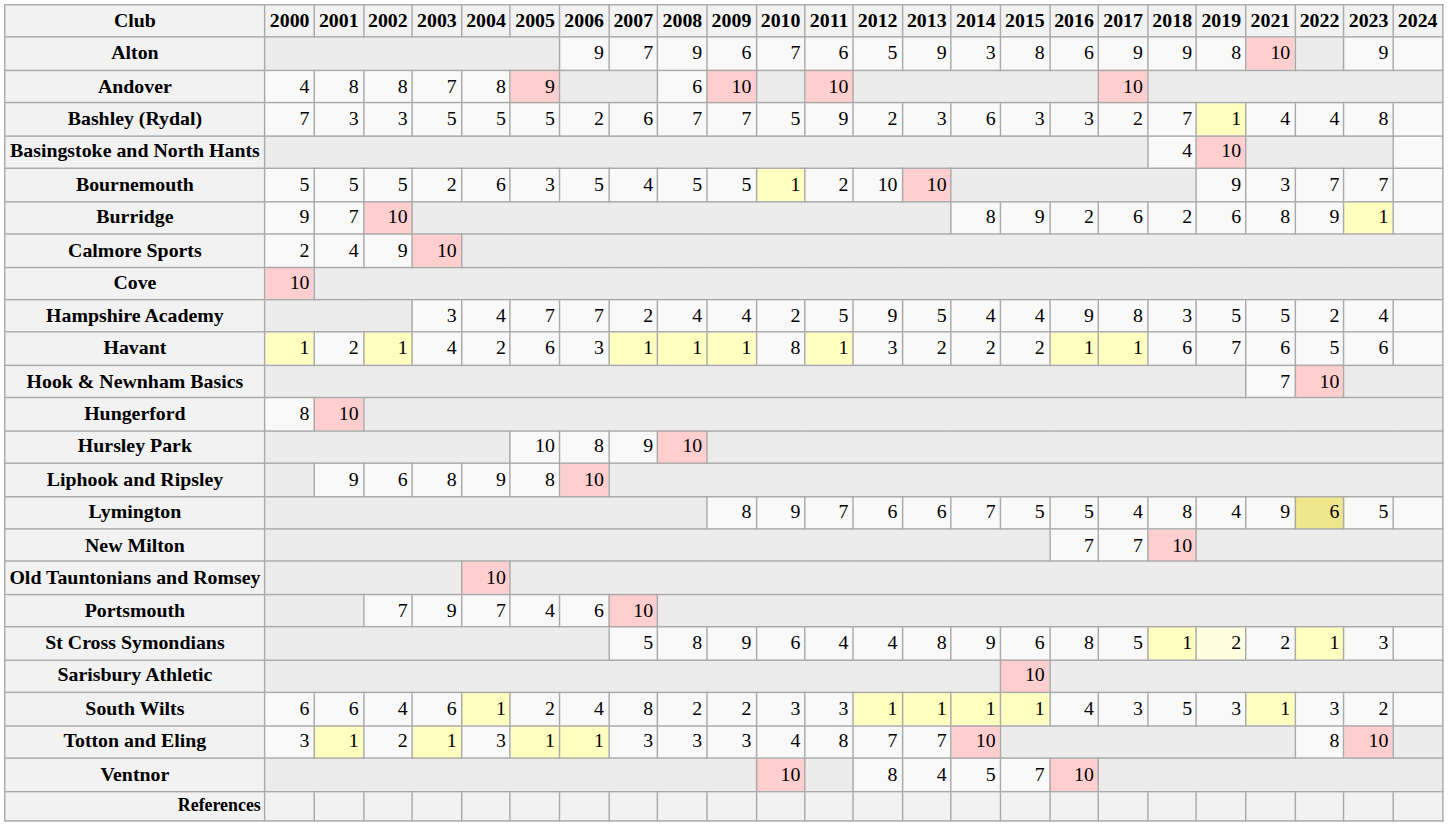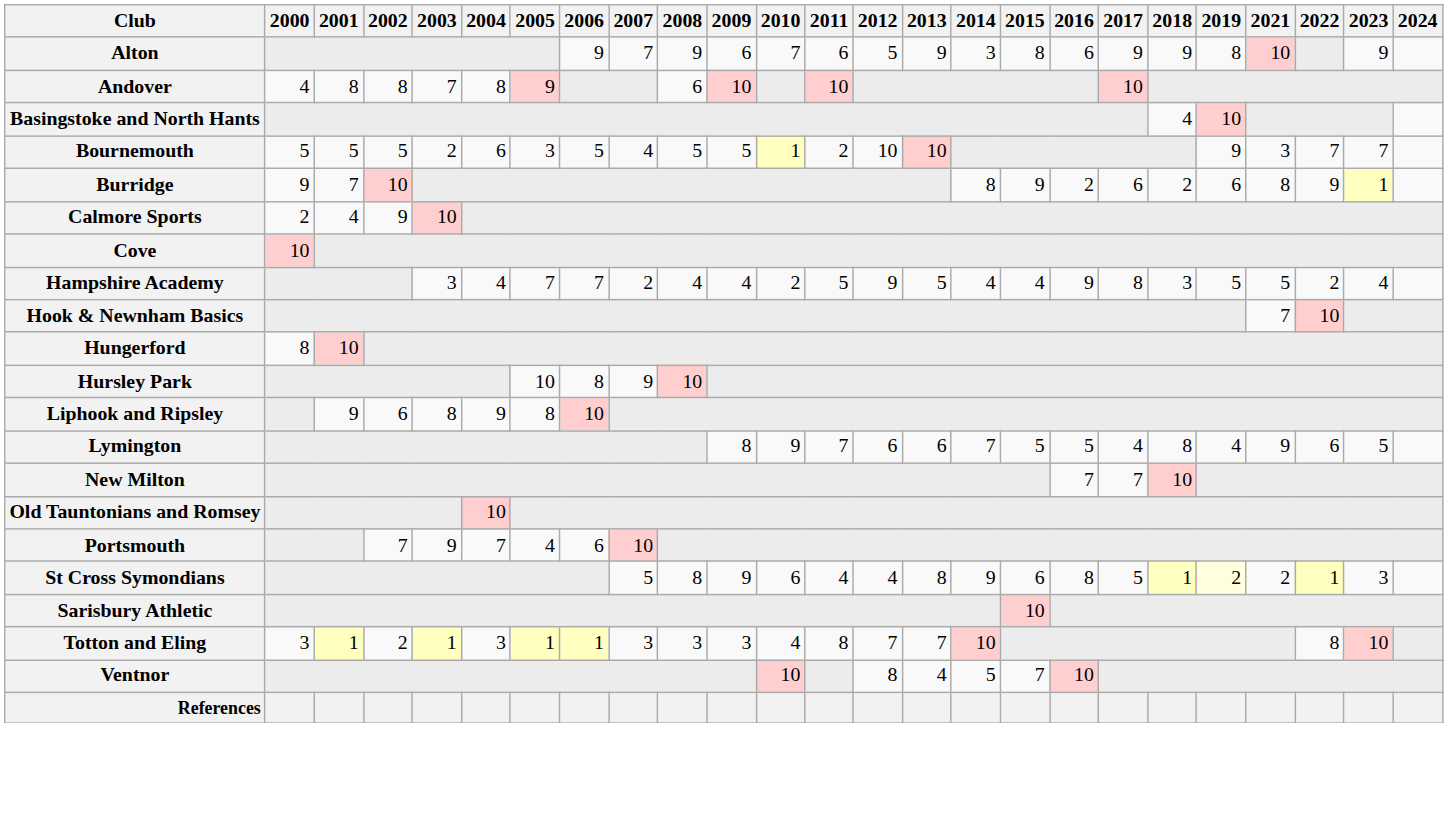 <table class="wikitable plainrowheaders" style="font-size:85%; text-align: right;">
 <tr>
 <th scope="col">Club</th>
 <th scope="col">2000</th>
 <th scope="col">2001</th>
 <th scope="col">2002</th>
 <th scope="col">2003</th>
 <th scope="col">2004</th>
 <th scope="col">2005</th>
 <th scope="col">2006</th>
 <th scope="col">2007</th>
 <th scope="col">2008</th>
 <th scope="col">2009</th>
 <th scope="col">2010</th>
 <th scope="col">2011</th>
 <th scope="col">2012</th>
 <th scope="col">2013</th>
 <th scope="col">2014</th>
 <th scope="col">2015</th>
 <th scope="col">2016</th>
 <th scope="col">2017</th>
 <th scope="col">2018</th>
 <th scope="col">2019</th>
 <th scope="col">2021</th>
 <th scope="col">2022</th>
 <th scope="col">2023</th>
 <th scope="col">2024</th>
 </tr>
 <tr>
 <th scope="row">Alton</th>
 <td bgcolor="#ececec" colspan="6"></td>
 <td>9</td>
 <td>7</td>
 <td>9</td>
 <td>6</td>
 <td>7</td>
 <td>6</td>
 <td>5</td>
 <td>9</td>
 <td>3</td>
 <td>8</td>
 <td>6</td>
 <td>9</td>
 <td>9</td>
 <td>8</td>
 <td bgcolor="#ffcfcf">10</td>
 <td bgcolor="#ececec" colspan="1"></td>
 <td>9</td>
 <td></td>
 </tr>
 <tr>
 <th scope="row">Andover </th>
 <td>4</td>
 <td>8</td>
 <td>8</td>
 <td>7</td>
 <td>8</td>
 <td bgcolor="#ffcfcf">9</td>
 <td bgcolor="#ececec" colspan="2"></td>
 <td>6</td>
 <td bgcolor="#ffcfcf">10</td>
 <td bgcolor="#ececec"></td>
 <td bgcolor="#ffcfcf">10</td>
 <td bgcolor="#ececec" colspan="5"></td>
 <td bgcolor="#ffcfcf">10</td>
 <td bgcolor="#ececec" colspan="6"></td>
-</tr>
-<tr>
-<th scope="row">Bashley (Rydal)</th>
-<td>7</td>
-<td>3</td>
-<td>3</td>
-<td>5</td>
-<td>5</td>
-<td>5</td>
-<td>2</td>
-<td>6</td>
-<td>7</td>
-<td>7</td>
-<td>5</td>
-<td>9</td>
-<td>2</td>
-<td>3</td>
-<td>6</td>
-<td>3</td>
-<td>3</td>
-<td>2</td>
-<td>7</td>
-<td bgcolor="#ffffbf">1</td>
-<td>4</td>
-<td>4</td>
-<td>8</td>
-<td></td>
 </tr>
 <tr>
 <th scope="row">Basingstoke and North Hants</th>
 <td bgcolor="#ececec" colspan="18"></td>
 <td>4</td>
 <td bgcolor="#ffcfcf">10</td>
 <td bgcolor="#ececec" colspan="3"></td>
 <td></td>
 </tr>
 <tr>
 <th scope="row">Bournemouth</th>
 <td>5</td>
 <td>5</td>
 <td>5</td>
 <td>2</td>
 <td>6</td>
 <td>3</td>
 <td>5</td>
 <td>4</td>
 <td>5</td>
 <td>5</td>
 <td bgcolor="#ffffbf">1</td>
 <td>2</td>
 <td>10</td>
 <td bgcolor="#ffcfcf">10</td>
 <td bgcolor="#ececec" colspan="5"></td>
 <td>9</td>
 <td>3</td>
 <td>7</td>
 <td>7</td>
 <td></td>
 </tr>
 <tr>
 <th scope="row">Burridge</th>
 <td>9</td>
 <td>7</td>
 <td bgcolor="#ffcfcf">10</td>
 <td bgcolor="#ececec" colspan="11"></td>
 <td>8</td>
 <td>9</td>
 <td>2</td>
 <td>6</td>
 <td>2</td>
 <td>6</td>
 <td>8</td>
 <td>9</td>
 <td bgcolor="#ffffbf">1</td>
 <td></td>
 </tr>
 <tr>
 <th scope="row">Calmore Sports</th>
 <td>2</td>
 <td>4</td>
 <td>9</td>
 <td bgcolor="#ffcfcf">10</td>
 <td bgcolor="#ececec" colspan="20"></td>
 </tr>
 <tr>
 <th scope="row">Cove</th>
 <td bgcolor="#ffcfcf">10</td>
 <td bgcolor="#ececec" colspan="23"></td>
 </tr>
 <tr>
 <th scope="row">Hampshire Academy</th>
 <td bgcolor="#ececec" colspan="3"></td>
 <td>3</td>
 <td>4</td>
 <td>7</td>
 <td>7</td>
 <td>2</td>
 <td>4</td>
 <td>4</td>
 <td>2</td>
 <td>5</td>
 <td>9</td>
 <td>5</td>
 <td>4</td>
 <td>4</td>
 <td>9</td>
 <td>8</td>
 <td>3</td>
 <td>5</td>
 <td>5</td>
 <td>2</td>
 <td>4</td>
 <td></td>
 </tr>
 <tr>
-<th scope="row">Havant</th>
-<td bgcolor="#ffffbf">1</td>
-<td>2</td>
-<td bgcolor="#ffffbf">1</td>
-<td>4</td>
-<td>2</td>
-<td>6</td>
-<td>3</td>
-<td bgcolor="#ffffbf">1</td>
-<td bgcolor="#ffffbf">1</td>
-<td bgcolor="#ffffbf">1</td>
-<td>8</td>
-<td bgcolor="#ffffbf">1</td>
-<td>3</td>
-<td>2</td>
-<td>2</td>
-<td>2</td>
-<td bgcolor="#ffffbf">1</td>
-<td bgcolor="#ffffbf">1</td>
-<td>6</td>
-<td>7</td>
-<td>6</td>
-<td>5</td>
-<td>6</td>
-<td></td>
-</tr>
-<tr>
 <th scope="row">Hook & Newnham Basics</th>
 <td bgcolor="#ececec" colspan="20"></td>
 <td>7</td>
 <td bgcolor="#ffcfcf">10</td>
 <td bgcolor="#ececec" colspan="2"></td>
 </tr>
 <tr>
 <th scope="row">Hungerford</th>
 <td>8</td>
 <td bgcolor="#ffcfcf">10</td>
 <td bgcolor="#ececec" colspan="22"></td>
 </tr>
 <tr>
 <th scope="row">Hursley Park</th>
 <td bgcolor="#ececec" colspan="5"></td>
 <td>10</td>
 <td>8</td>
 <td>9</td>
 <td bgcolor="#ffcfcf">10</td>
 <td bgcolor="#ececec" colspan="15"></td>
 </tr>
 <tr>
 <th scope="row">Liphook and Ripsley</th>
 <td bgcolor="#ececec"></td>
 <td>9</td>
 <td>6</td>
 <td>8</td>
 <td>9</td>
 <td>8</td>
 <td bgcolor="#ffcfcf">10</td>
 <td bgcolor="#ececec" colspan="17"></td>
 </tr>
 <tr>
 <th scope="row">Lymington</th>
 <td bgcolor="#ececec" colspan="9"></td>
 <td>8</td>
 <td>9</td>
 <td>7</td>
 <td>6</td>
 <td>6</td>
 <td>7</td>
 <td>5</td>
 <td>5</td>
 <td>4</td>
 <td>8</td>
 <td>4</td>
 <td>9</td>
-<td style="background: khaki;">6</td>
+<td>6</td>
 <td>5</td>
 <td></td>
 </tr>
 <tr>
 <th scope="row">New Milton</th>
 <td bgcolor="#ececec" colspan="16"></td>
 <td>7</td>
 <td>7</td>
 <td bgcolor="#ffcfcf">10</td>
 <td bgcolor="#ececec" colspan="5"></td>
 </tr>
 <tr>
 <th scope="row">Old Tauntonians and Romsey</th>
 <td bgcolor="#ececec" colspan="4"></td>
 <td bgcolor="#ffcfcf">10</td>
 <td bgcolor="#ececec" colspan="19"></td>
 </tr>
 <tr>
 <th scope="row">Portsmouth</th>
 <td bgcolor="#ececec" colspan="2"></td>
 <td>7</td>
 <td>9</td>
 <td>7</td>
 <td>4</td>
 <td>6</td>
 <td bgcolor="#ffcfcf">10</td>
 <td bgcolor="#ececec" colspan="16"></td>
 </tr>
 <tr>
 <th scope="row">St Cross Symondians</th>
 <td bgcolor="#ececec" colspan="7"></td>
 <td>5</td>
 <td>8</td>
 <td>9</td>
 <td>6</td>
 <td>4</td>
 <td>4</td>
 <td>8</td>
 <td>9</td>
 <td>6</td>
 <td>8</td>
 <td>5</td>
 <td bgcolor="#ffffbf">1</td>
 <td style="background: lightyellow;">2</td>
 <td>2</td>
 <td bgcolor="#ffffbf">1</td>
 <td>3</td>
 <td></td>
 </tr>
 <tr>
 <th scope="row">Sarisbury Athletic</th>
 <td bgcolor="#ececec" colspan="15"></td>
 <td bgcolor="#ffcfcf">10</td>
 <td bgcolor="#ececec" colspan="8"></td>
-</tr>
-<tr>
-<th scope="row">South Wilts</th>
-<td>6</td>
-<td>6</td>
-<td>4</td>
-<td>6</td>
-<td bgcolor="#ffffbf">1</td>
-<td>2</td>
-<td>4</td>
-<td>8</td>
-<td>2</td>
-<td>2</td>
-<td>3</td>
-<td>3</td>
-<td bgcolor="#ffffbf">1</td>
-<td bgcolor="#ffffbf">1</td>
-<td bgcolor="#ffffbf">1</td>
-<td bgcolor="#ffffbf">1</td>
-<td>4</td>
-<td>3</td>
-<td>5</td>
-<td>3</td>
-<td bgcolor="#ffffbf">1</td>
-<td>3</td>
-<td>2</td>
-<td></td>
 </tr>
 <tr>
 <th scope="row">Totton and Eling </th>
 <td>3</td>
 <td bgcolor="#ffffbf">1</td>
 <td>2</td>
 <td bgcolor="#ffffbf">1</td>
 <td>3</td>
 <td bgcolor="#ffffbf">1</td>
 <td bgcolor="#ffffbf">1</td>
 <td>3</td>
 <td>3</td>
 <td>3</td>
 <td>4</td>
 <td>8</td>
 <td>7</td>
 <td>7</td>
 <td bgcolor="#ffcfcf">10</td>
 <td bgcolor="#ececec" colspan="6"></td>
 <td>8</td>
 <td bgcolor="#ffcfcf">10</td>
 <td bgcolor="#ececec" colspan="1"></td>
 </tr>
 <tr>
 <th scope="row">Ventnor</th>
 <td bgcolor="#ececec" colspan="10"></td>
 <td bgcolor="#ffcfcf">10</td>
 <td bgcolor="#ececec"></td>
 <td>8</td>
 <td>4</td>
 <td>5</td>
 <td>7</td>
 <td bgcolor="#ffcfcf">10</td>
 <td bgcolor="#ececec" colspan="7"></td>
 </tr>
 <tr style="font-size:90%; text-align:center">
 <th scope="row" style="text-align: right">References</th>
 <th scope="col"></th>
 <th scope="col"></th>
 <th scope="col"></th>
 <th scope="col"></th>
 <th scope="col"></th>
 <th scope="col"></th>
 <th scope="col"></th>
 <th scope="col"></th>
 <th scope="col"></th>
 <th scope="col"></th>
 <th scope="col"></th>
 <th scope="col"></th>
 <th scope="col"></th>
 <th scope="col"></th>
 <th scope="col"></th>
 <th scope="col"></th>
 <th scope="col"></th>
 <th scope="col"></th>
 <th scope="col"></th>
 <th scope="col"></th>
 <th scope="col"></th>
 <th scope="col"></th>
 <th scope="col"></th>
 <th scope="col"></th>
 </tr>
 </table>
